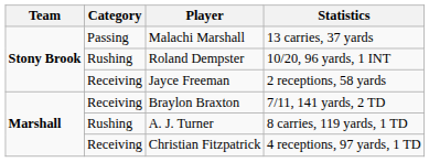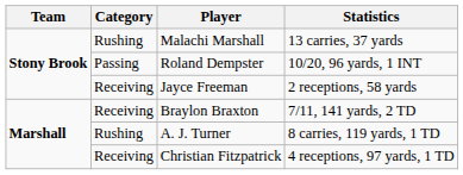 <table class="wikitable" style="float: right;">
 <tr>
 <th>Team</th>
 <th>Category</th>
 <th>Player</th>
 <th>Statistics</th>
 </tr>
 <tr>
 <td rowspan=3><strong>Stony Brook</strong></td>
-<td>Passing</td>
+<td>Rushing</td>
 <td>Malachi Marshall</td>
 <td>13 carries, 37 yards</td>
 </tr>
 <tr>
-<td>Rushing</td>
+<td>Passing</td>
 <td>Roland Dempster</td>
 <td>10/20, 96 yards, 1 INT</td>
 </tr>
 <tr>
 <td>Receiving</td>
 <td>Jayce Freeman</td>
 <td>2 receptions, 58 yards</td>
 </tr>
 <tr>
 <td rowspan=3><strong>Marshall</strong></td>
 <td>Receiving</td>
 <td>Braylon Braxton</td>
 <td>7/11, 141 yards, 2 TD</td>
 </tr>
 <tr>
 <td>Rushing</td>
 <td>A. J. Turner</td>
 <td>8 carries, 119 yards, 1 TD</td>
 </tr>
 <tr>
 <td>Receiving</td>
 <td>Christian Fitzpatrick</td>
 <td>4 receptions, 97 yards, 1 TD</td>
 </tr>
 </table>
